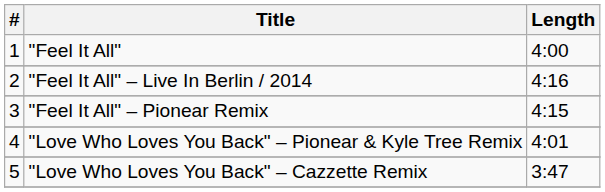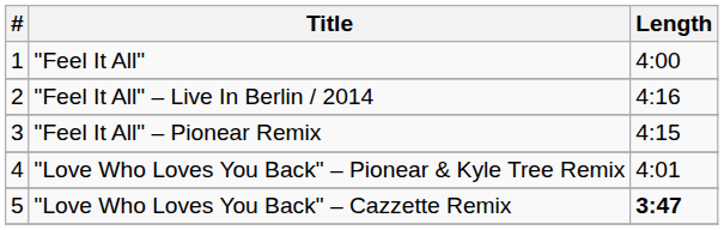 <table class="wikitable">
 <tr>
 <th style="text-align:center;">#</th>
 <th style="text-align:center;">Title</th>
 <th style="text-align:center;">Length</th>
 </tr>
 <tr>
 <td>1</td>
 <td>"Feel It All"</td>
 <td>4:00</td>
 </tr>
 <tr>
 </tr>
 <tr>
 <td>2</td>
 <td>"Feel It All" – Live In Berlin / 2014</td>
 <td>4:16</td>
 </tr>
 <tr>
 </tr>
 <tr>
 <td>3</td>
 <td>"Feel It All" – Pionear Remix</td>
 <td>4:15</td>
 </tr>
 <tr>
 </tr>
 <tr>
 <td>4</td>
 <td>"Love Who Loves You Back" – Pionear & Kyle Tree Remix</td>
 <td>4:01</td>
 </tr>
 <tr>
 </tr>
 <tr>
 <td>5</td>
 <td>"Love Who Loves You Back" – Cazzette Remix</td>
-<td>3:47</td>
+<td><strong>3:47</strong></td>
 </tr>
 <tr>
 </tr>
 </table>
